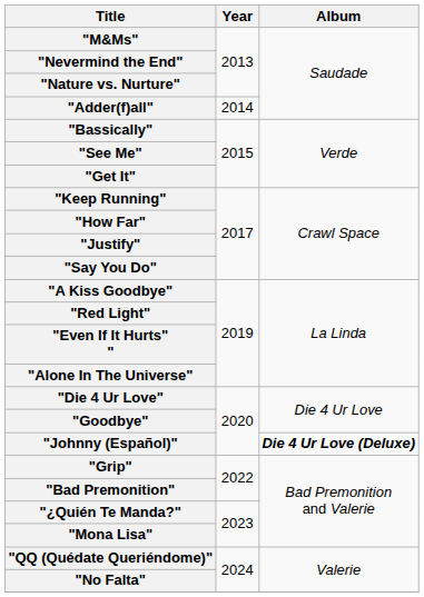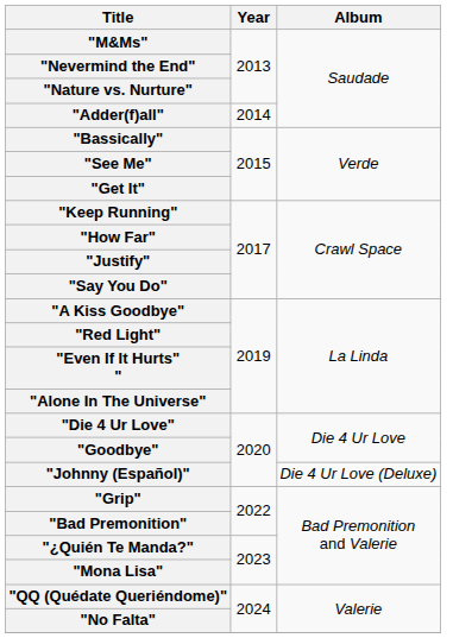 <table class="wikitable plainrowheaders" style="text-align:center;">
 <tr>
 <th scope="col">Title</th>
 <th scope="col" style="width:2.5em;">Year</th>
 <th scope="col">Album</th>
 </tr>
 <tr>
 <th scope="row">"M&Ms"</th>
 <td rowspan="3">2013</td>
 <td rowspan="4"><em>Saudade</em></td>
 </tr>
 <tr>
 <th scope="row">"Nevermind the End"</th>
 </tr>
 <tr>
 <th scope="row">"Nature vs. Nurture"</th>
 </tr>
 <tr>
 <th scope="row">"Adder(f)all"</th>
 <td rowspan="1">2014</td>
 </tr>
 <tr>
 <th scope="row">"Bassically"</th>
 <td rowspan="3">2015</td>
 <td rowspan="3"><em>Verde</em></td>
 </tr>
 <tr>
 <th scope="row">"See Me"</th>
 </tr>
 <tr>
 <th scope="row">"Get It"</th>
 </tr>
 <tr>
 <th scope="row">"Keep Running"</th>
 <td rowspan="4">2017</td>
 <td rowspan="4"><em>Crawl Space</em></td>
 </tr>
 <tr>
 <th scope="row">"How Far"</th>
 </tr>
 <tr>
 <th scope="row">"Justify"</th>
 </tr>
 <tr>
 <th scope="row">"Say You Do"</th>
 </tr>
 <tr>
 <th scope="row">"A Kiss Goodbye"</th>
 <td rowspan="4">2019</td>
 <td rowspan="4"><em>La Linda</em></td>
 </tr>
 <tr>
 <th scope="row">"Red Light"</th>
 </tr>
 <tr>
 <th scope="row">"Even If It Hurts"<br>"</th>
 </tr>
 <tr>
 <th scope="row">"Alone In The Universe"</th>
 </tr>
 <tr>
 <th scope="row">"Die 4 Ur Love"</th>
 <td rowspan="3">2020</td>
 <td rowspan="2"><em>Die 4 Ur Love</em></td>
 </tr>
 <tr>
 <th scope="row">"Goodbye"</th>
 </tr>
 <tr>
 <th scope="row">"Johnny (Español)"</th>
-<td rowspan="1"><strong><em>Die 4 Ur Love (Deluxe)</em></strong></td>
+<td rowspan="1"><em>Die 4 Ur Love (Deluxe)</em></td>
 </tr>
 <tr>
 <th scope="row">"Grip"</th>
 <td rowspan="2">2022</td>
 <td rowspan="4"><em>Bad Premonition</em><br>and <em>Valerie</em></td>
 </tr>
 <tr>
 <th scope="row">"Bad Premonition"</th>
 </tr>
 <tr>
 <th scope="row">"¿Quién Te Manda?"</th>
 <td rowspan="2">2023</td>
 </tr>
 <tr>
 <th scope="row">"Mona Lisa"</th>
 </tr>
 <tr>
 <th scope="row">"QQ (Quédate Queriéndome)"</th>
 <td rowspan="2">2024</td>
 <td rowspan="2"><em>Valerie</em></td>
 </tr>
 <tr>
 <th scope="row">"No Falta"</th>
 </tr>
 <tr>
 </tr>
 </table>
